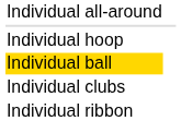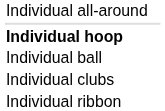 <table>
 <tr>
 <td>Individual all-around<br></td>
 <td></td>
 <td></td>
 <td></td>
 </tr>
 <tr bgcolor=#DDDDDD>
 <td colspan=7></td>
 </tr>
 <tr>
-<td>Individual hoop<br></td>
+<td><strong>Individual hoop<br></strong></td>
 <td></td>
 <td></td>
 <td></td>
 </tr>
 <tr>
-<td style="background: gold;">Individual ball<br></td>
+<td>Individual ball<br></td>
 <td></td>
 <td></td>
 <td></td>
 </tr>
 <tr>
 <td>Individual clubs<br></td>
 <td></td>
 <td></td>
 <td></td>
 </tr>
 <tr>
 <td>Individual ribbon<br></td>
 <td></td>
 <td></td>
 <td></td>
 </tr>
 <tr>
 </tr>
 </table>
